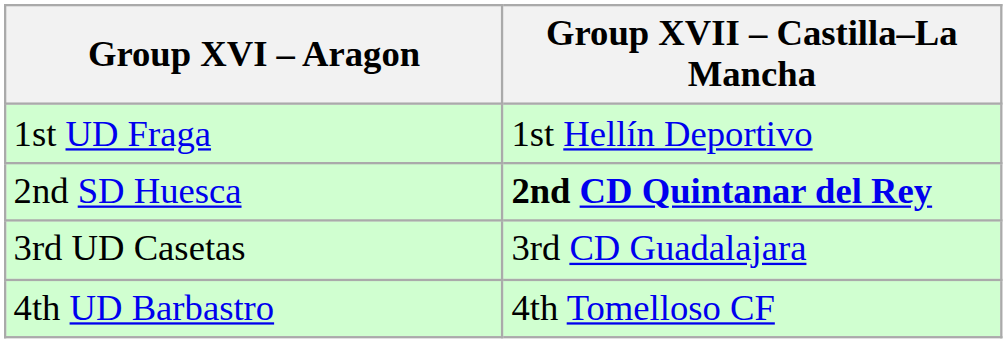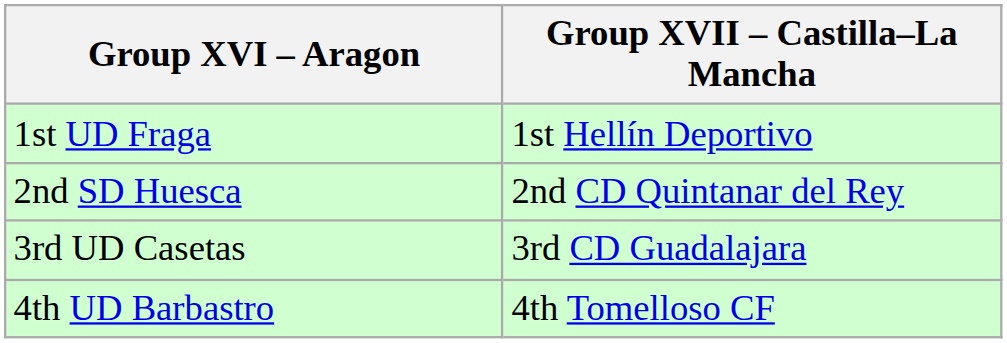 <table class="wikitable">
 <tr>
 <th width=210>Group XVI – Aragon </th>
 <th width=210>Group XVII – Castilla–La Mancha </th>
 </tr>
 <tr style="background:#D0FFD0;">
 <td>1st <a href='#'>UD Fraga</a></td>
 <td>1st <a href='#'>Hellín Deportivo</a></td>
 </tr>
 <tr style="background:#D0FFD0;">
 <td>2nd <a href='#'>SD Huesca</a></td>
-<td><strong>2nd <a href='#'>CD Quintanar del Rey</a></strong></td>
+<td>2nd <a href='#'>CD Quintanar del Rey</a></td>
 </tr>
 <tr style="background:#D0FFD0;">
 <td>3rd UD Casetas</td>
 <td>3rd <a href='#'>CD Guadalajara</a></td>
 </tr>
 <tr style="background:#D0FFD0;">
 <td>4th <a href='#'>UD Barbastro</a></td>
 <td>4th <a href='#'>Tomelloso CF</a></td>
 </tr>
 </table>
